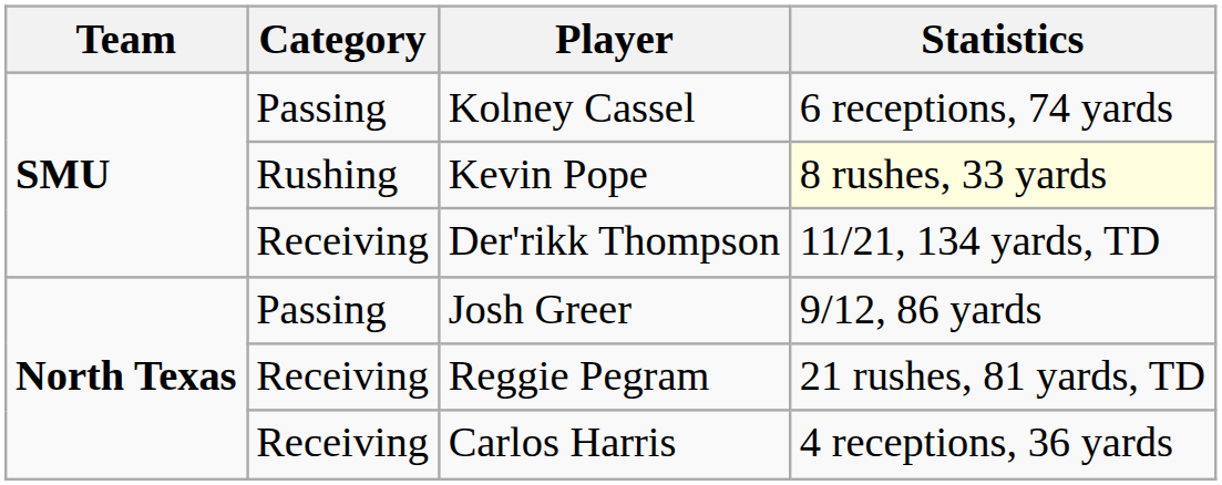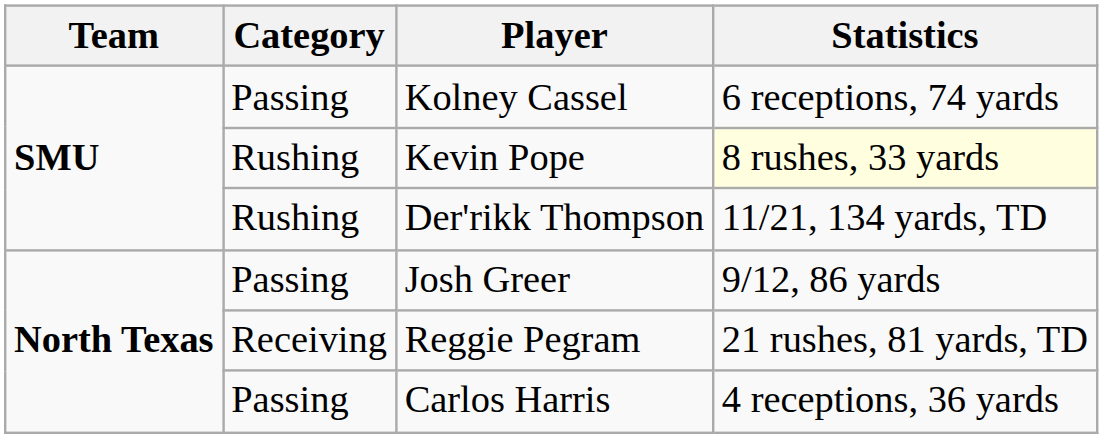 <table class="wikitable" style="float: left;">
 <tr>
 <th>Team</th>
 <th>Category</th>
 <th>Player</th>
 <th>Statistics</th>
 </tr>
 <tr>
 <td rowspan=3><strong>SMU</strong></td>
 <td>Passing</td>
 <td>Kolney Cassel</td>
 <td>6 receptions, 74 yards</td>
 </tr>
 <tr>
 <td>Rushing</td>
 <td>Kevin Pope</td>
 <td style="background: lightyellow;">8 rushes, 33 yards</td>
 </tr>
 <tr>
-<td>Receiving</td>
+<td>Rushing</td>
 <td>Der'rikk Thompson</td>
 <td>11/21, 134 yards, TD</td>
 </tr>
 <tr>
 <td rowspan=3><strong>North Texas</strong></td>
 <td>Passing</td>
 <td>Josh Greer</td>
 <td>9/12, 86 yards</td>
 </tr>
 <tr>
 <td>Receiving</td>
 <td>Reggie Pegram</td>
 <td>21 rushes, 81 yards, TD</td>
 </tr>
 <tr>
-<td>Receiving</td>
+<td>Passing</td>
 <td>Carlos Harris</td>
 <td>4 receptions, 36 yards</td>
 </tr>
 </table>
